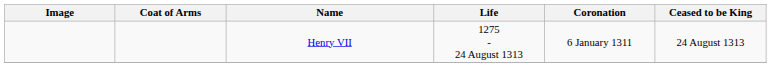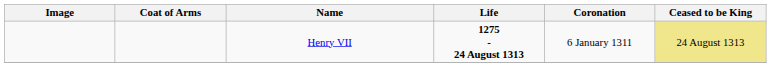 <table width=90% class="wikitable">
 <tr>
 <th width=8%>Image</th>
 <th width=8%>Coat of Arms</th>
 <th width=15%>Name</th>
 <th width=8%>Life</th>
 <th width=8%>Coronation</th>
 <th width=8%>Ceased to be King</th>
 </tr>
 <tr>
 <td></td>
 <td></td>
 <td align="center"><a href='#'>Henry VII</a></td>
-<td align="center">1275<br>-<br>24 August 1313</td>
+<td align="center"><strong>1275<br>-<br>24 August 1313</strong></td>
 <td align="center">6 January 1311</td>
-<td align="center">24 August 1313</td>
+<td align="center" style="background: khaki;">24 August 1313</td>
 </tr>
 <tr>
 </tr>
 </table>
